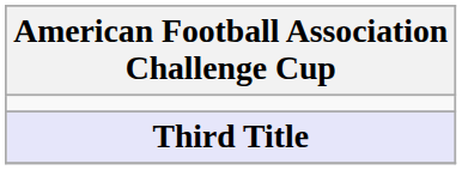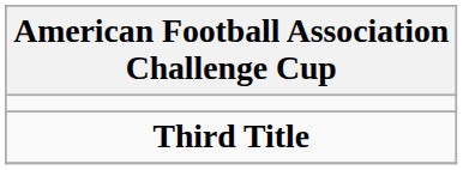 <table class="wikitable" style="text-align: center;" style="margin-left: auto; margin-right: auto; border: none;">
 <tr>
 <th width=>American Football Association<br> Challenge Cup</th>
 </tr>
 <tr>
 <td align=Center></td>
 </tr>
 <tr>
-<td align=Center style="background: lavender;"><strong>Third Title</strong></td>
+<td align=Center><strong>Third Title</strong></td>
 </tr>
 <tr>
 </tr>
 </table>
